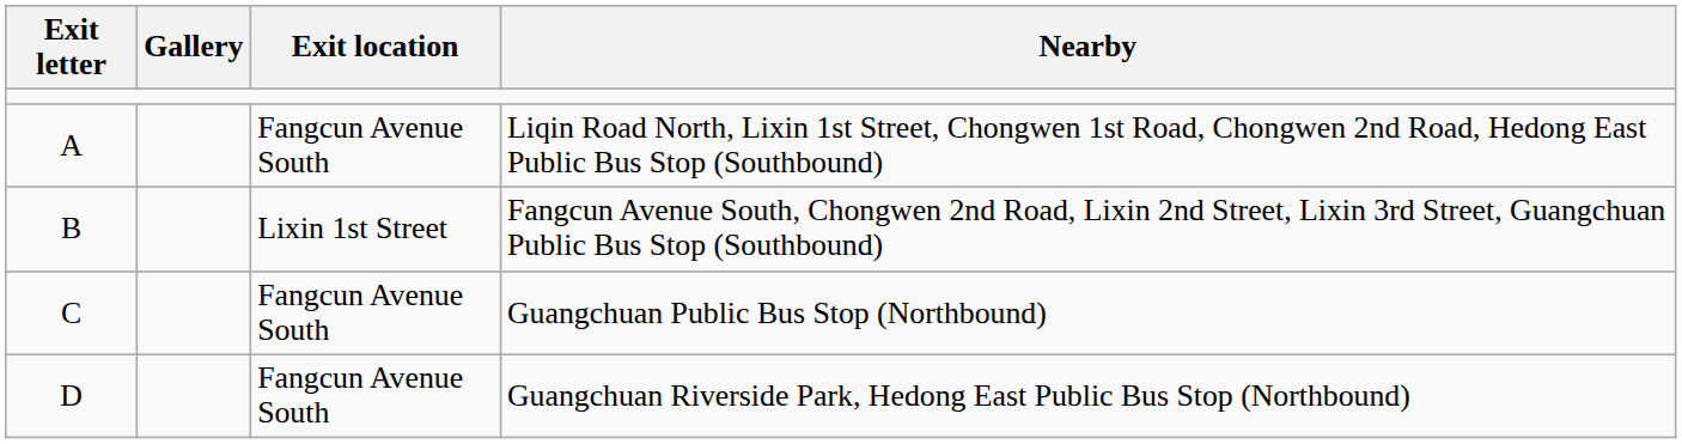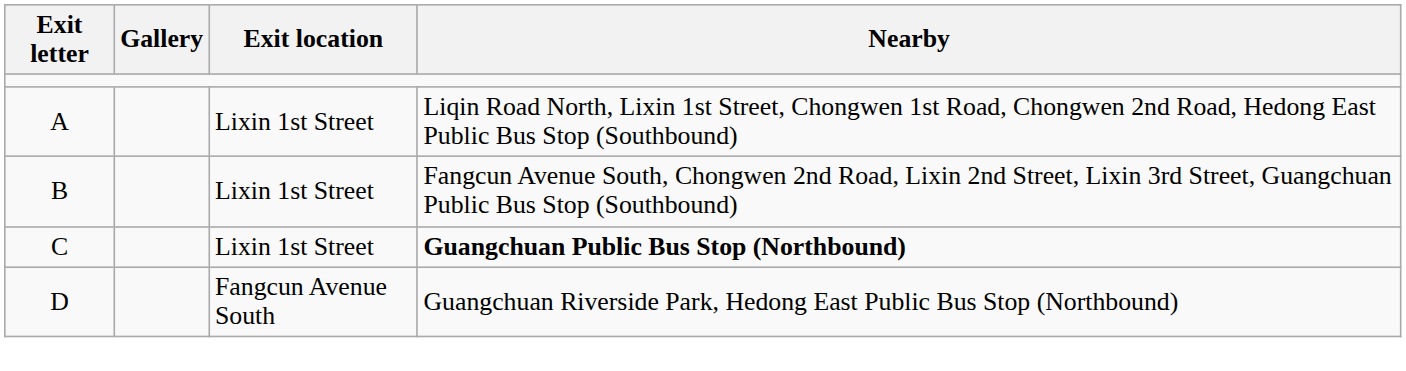 <table class="wikitable">
 <tr>
 <th style="width:70px" colspan="3">Exit letter</th>
 <th>Gallery</th>
 <th>Exit location</th>
 <th>Nearby</th>
 </tr>
 <tr style="background:#">
 <td colspan = "6"></td>
 </tr>
 <tr>
 <td align="center" colspan="3">A</td>
 <td></td>
-<td>Fangcun Avenue South</td>
+<td>Lixin 1st Street</td>
 <td>Liqin Road North, Lixin 1st Street, Chongwen 1st Road, Chongwen 2nd Road, Hedong East Public Bus Stop (Southbound)</td>
 </tr>
 <tr>
 <td align="center" colspan="3">B</td>
 <td></td>
 <td>Lixin 1st Street</td>
 <td>Fangcun Avenue South, Chongwen 2nd Road, Lixin 2nd Street, Lixin 3rd Street, Guangchuan Public Bus Stop (Southbound)</td>
 </tr>
 <tr>
 <td align="center" colspan="3">C</td>
 <td></td>
-<td>Fangcun Avenue South</td>
-<td>Guangchuan Public Bus Stop (Northbound)</td>
+<td>Lixin 1st Street</td>
+<td><strong>Guangchuan Public Bus Stop (Northbound)</strong></td>
 </tr>
 <tr>
 <td align="center" colspan="3">D</td>
 <td></td>
 <td>Fangcun Avenue South</td>
 <td>Guangchuan Riverside Park, Hedong East Public Bus Stop (Northbound)</td>
 </tr>
 </table>
